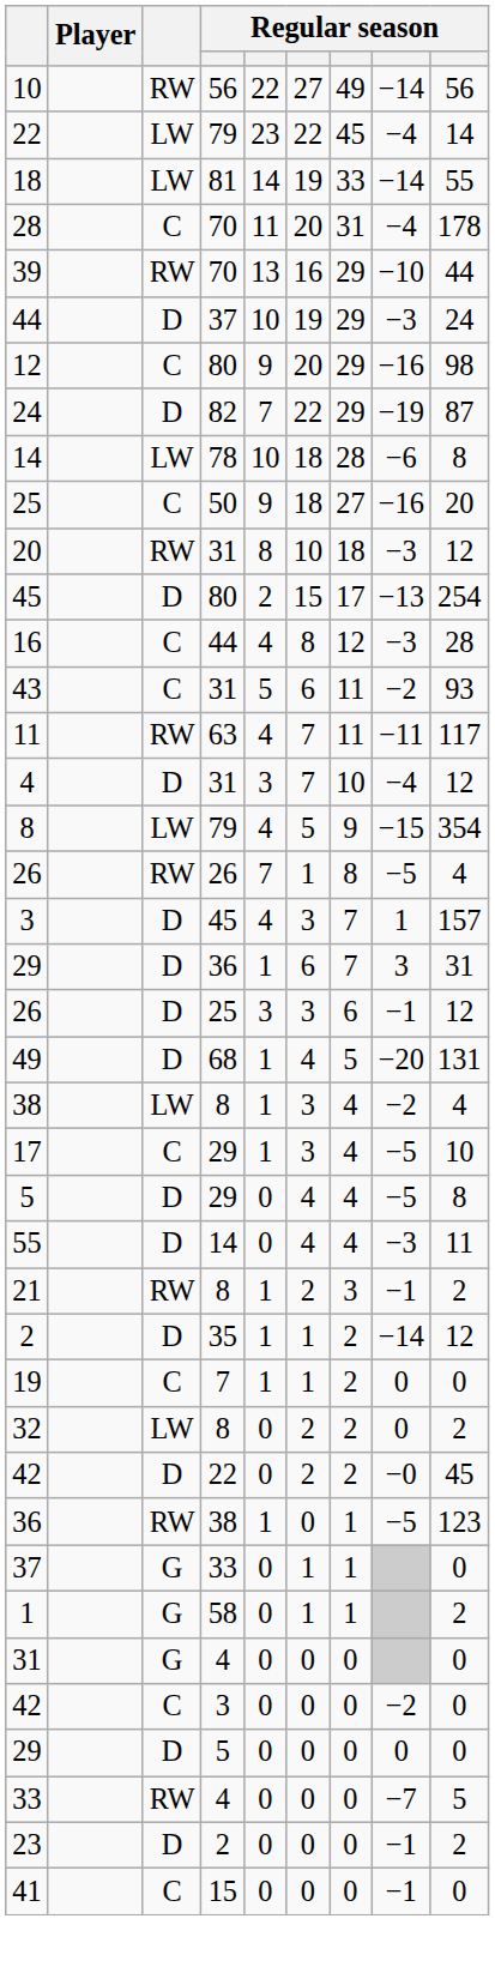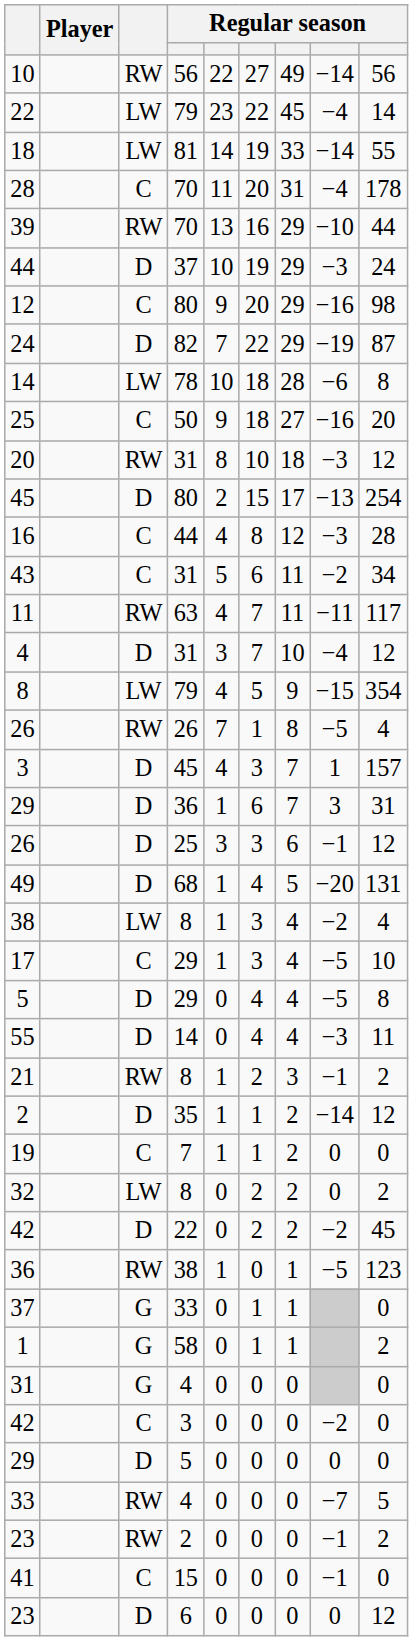 <table class="wikitable sortable plainrowheaders" style="text-align:center;">
 <tr>
 <th scope="col" data-sort-type="number" rowspan="2"></th>
 <th scope="col" rowspan="2">Player</th>
 <th scope="col" rowspan="2"></th>
 <th scope=colgroup colspan=6>Regular season</th>
 </tr>
 <tr>
 <th scope="col" data-sort-type="number"></th>
 <th scope="col" data-sort-type="number"></th>
 <th scope="col" data-sort-type="number"></th>
 <th scope="col" data-sort-type="number"></th>
 <th scope="col" data-sort-type="number"></th>
 <th scope="col" data-sort-type="number"></th>
 </tr>
 <tr>
 <td scope="row">10</td>
 <td align="left"></td>
 <td>RW</td>
 <td>56</td>
 <td>22</td>
 <td>27</td>
 <td>49</td>
 <td>−14</td>
 <td>56</td>
 </tr>
 <tr>
 <td scope="row">22</td>
 <td align="left"></td>
 <td>LW</td>
 <td>79</td>
 <td>23</td>
 <td>22</td>
 <td>45</td>
 <td>−4</td>
 <td>14</td>
 </tr>
 <tr>
 <td scope="row">18</td>
 <td align="left"></td>
 <td>LW</td>
 <td>81</td>
 <td>14</td>
 <td>19</td>
 <td>33</td>
 <td>−14</td>
 <td>55</td>
 </tr>
 <tr>
 <td scope="row">28</td>
 <td align="left"></td>
 <td>C</td>
 <td>70</td>
 <td>11</td>
 <td>20</td>
 <td>31</td>
 <td>−4</td>
 <td>178</td>
 </tr>
 <tr>
 <td scope="row">39</td>
 <td align="left"></td>
 <td>RW</td>
 <td>70</td>
 <td>13</td>
 <td>16</td>
 <td>29</td>
 <td>−10</td>
 <td>44</td>
 </tr>
 <tr>
 <td scope="row">44</td>
 <td align="left"></td>
 <td>D</td>
 <td>37</td>
 <td>10</td>
 <td>19</td>
 <td>29</td>
 <td>−3</td>
 <td>24</td>
 </tr>
 <tr>
 <td scope="row">12</td>
 <td align="left"></td>
 <td>C</td>
 <td>80</td>
 <td>9</td>
 <td>20</td>
 <td>29</td>
 <td>−16</td>
 <td>98</td>
 </tr>
 <tr>
 <td scope="row">24</td>
 <td align="left"></td>
 <td>D</td>
 <td>82</td>
 <td>7</td>
 <td>22</td>
 <td>29</td>
 <td>−19</td>
 <td>87</td>
 </tr>
 <tr>
 <td scope="row">14</td>
 <td align="left"></td>
 <td>LW</td>
 <td>78</td>
 <td>10</td>
 <td>18</td>
 <td>28</td>
 <td>−6</td>
 <td>8</td>
 </tr>
 <tr>
 <td scope="row">25</td>
 <td align="left"></td>
 <td>C</td>
 <td>50</td>
 <td>9</td>
 <td>18</td>
 <td>27</td>
 <td>−16</td>
 <td>20</td>
 </tr>
 <tr>
 <td scope="row">20</td>
 <td align="left"></td>
 <td>RW</td>
 <td>31</td>
 <td>8</td>
 <td>10</td>
 <td>18</td>
 <td>−3</td>
 <td>12</td>
 </tr>
 <tr>
 <td scope="row">45</td>
 <td align="left"></td>
 <td>D</td>
 <td>80</td>
 <td>2</td>
 <td>15</td>
 <td>17</td>
 <td>−13</td>
 <td>254</td>
 </tr>
 <tr>
 <td scope="row">16</td>
 <td align="left"></td>
 <td>C</td>
 <td>44</td>
 <td>4</td>
 <td>8</td>
 <td>12</td>
 <td>−3</td>
 <td>28</td>
 </tr>
 <tr>
 <td scope="row">43</td>
 <td align="left"></td>
 <td>C</td>
 <td>31</td>
 <td>5</td>
 <td>6</td>
 <td>11</td>
 <td>−2</td>
-<td>93</td>
+<td>34</td>
 </tr>
 <tr>
 <td scope="row">11</td>
 <td align="left"></td>
 <td>RW</td>
 <td>63</td>
 <td>4</td>
 <td>7</td>
 <td>11</td>
 <td>−11</td>
 <td>117</td>
 </tr>
 <tr>
 <td scope="row">4</td>
 <td align="left"></td>
 <td>D</td>
 <td>31</td>
 <td>3</td>
 <td>7</td>
 <td>10</td>
 <td>−4</td>
 <td>12</td>
 </tr>
 <tr>
 <td scope="row">8</td>
 <td align="left"></td>
 <td>LW</td>
 <td>79</td>
 <td>4</td>
 <td>5</td>
 <td>9</td>
 <td>−15</td>
 <td>354</td>
 </tr>
 <tr>
 <td scope="row">26</td>
 <td align="left"></td>
 <td>RW</td>
 <td>26</td>
 <td>7</td>
 <td>1</td>
 <td>8</td>
 <td>−5</td>
 <td>4</td>
 </tr>
 <tr>
 <td scope="row">3</td>
 <td align="left"></td>
 <td>D</td>
 <td>45</td>
 <td>4</td>
 <td>3</td>
 <td>7</td>
 <td>1</td>
 <td>157</td>
 </tr>
 <tr>
 <td scope="row">29</td>
 <td align="left"></td>
 <td>D</td>
 <td>36</td>
 <td>1</td>
 <td>6</td>
 <td>7</td>
 <td>3</td>
 <td>31</td>
 </tr>
 <tr>
 <td scope="row">26</td>
 <td align="left"></td>
 <td>D</td>
 <td>25</td>
 <td>3</td>
 <td>3</td>
 <td>6</td>
 <td>−1</td>
 <td>12</td>
 </tr>
 <tr>
 <td scope="row">49</td>
 <td align="left"></td>
 <td>D</td>
 <td>68</td>
 <td>1</td>
 <td>4</td>
 <td>5</td>
 <td>−20</td>
 <td>131</td>
 </tr>
 <tr>
 <td scope="row">38</td>
 <td align="left"></td>
 <td>LW</td>
 <td>8</td>
 <td>1</td>
 <td>3</td>
 <td>4</td>
 <td>−2</td>
 <td>4</td>
 </tr>
 <tr>
 <td scope="row">17</td>
 <td align="left"></td>
 <td>C</td>
 <td>29</td>
 <td>1</td>
 <td>3</td>
 <td>4</td>
 <td>−5</td>
 <td>10</td>
 </tr>
 <tr>
 <td scope="row">5</td>
 <td align="left"></td>
 <td>D</td>
 <td>29</td>
 <td>0</td>
 <td>4</td>
 <td>4</td>
 <td>−5</td>
 <td>8</td>
 </tr>
 <tr>
 <td scope="row">55</td>
 <td align="left"></td>
 <td>D</td>
 <td>14</td>
 <td>0</td>
 <td>4</td>
 <td>4</td>
 <td>−3</td>
 <td>11</td>
 </tr>
 <tr>
 <td scope="row">21</td>
 <td align="left"></td>
 <td>RW</td>
 <td>8</td>
 <td>1</td>
 <td>2</td>
 <td>3</td>
 <td>−1</td>
 <td>2</td>
 </tr>
 <tr>
 <td scope="row">2</td>
 <td align="left"></td>
 <td>D</td>
 <td>35</td>
 <td>1</td>
 <td>1</td>
 <td>2</td>
 <td>−14</td>
 <td>12</td>
 </tr>
 <tr>
 <td scope="row">19</td>
 <td align="left"></td>
 <td>C</td>
 <td>7</td>
 <td>1</td>
 <td>1</td>
 <td>2</td>
 <td>0</td>
 <td>0</td>
 </tr>
 <tr>
 <td scope="row">32</td>
 <td align="left"></td>
 <td>LW</td>
 <td>8</td>
 <td>0</td>
 <td>2</td>
 <td>2</td>
 <td>0</td>
 <td>2</td>
 </tr>
 <tr>
 <td scope="row">42</td>
 <td align="left"></td>
 <td>D</td>
 <td>22</td>
 <td>0</td>
 <td>2</td>
 <td>2</td>
-<td>−0</td>
+<td>−2</td>
 <td>45</td>
 </tr>
 <tr>
 <td scope="row">36</td>
 <td align="left"></td>
 <td>RW</td>
 <td>38</td>
 <td>1</td>
 <td>0</td>
 <td>1</td>
 <td>−5</td>
 <td>123</td>
 </tr>
 <tr>
 <td scope="row">37</td>
 <td align="left"></td>
 <td>G</td>
 <td>33</td>
 <td>0</td>
 <td>1</td>
 <td>1</td>
 <td style="background:#ccc"></td>
 <td>0</td>
 </tr>
 <tr>
 <td scope="row">1</td>
 <td align="left"></td>
 <td>G</td>
 <td>58</td>
 <td>0</td>
 <td>1</td>
 <td>1</td>
 <td style="background:#ccc"></td>
 <td>2</td>
 </tr>
 <tr>
 <td scope="row">31</td>
 <td align="left"></td>
 <td>G</td>
 <td>4</td>
 <td>0</td>
 <td>0</td>
 <td>0</td>
 <td style="background:#ccc"></td>
 <td>0</td>
 </tr>
 <tr>
 <td scope="row">42</td>
 <td align="left"></td>
 <td>C</td>
 <td>3</td>
 <td>0</td>
 <td>0</td>
 <td>0</td>
 <td>−2</td>
 <td>0</td>
 </tr>
 <tr>
 <td scope="row">29</td>
 <td align="left"></td>
 <td>D</td>
 <td>5</td>
 <td>0</td>
 <td>0</td>
 <td>0</td>
 <td>0</td>
 <td>0</td>
 </tr>
 <tr>
 <td scope="row">33</td>
 <td align="left"></td>
 <td>RW</td>
 <td>4</td>
 <td>0</td>
 <td>0</td>
 <td>0</td>
 <td>−7</td>
 <td>5</td>
 </tr>
 <tr>
 <td scope="row">23</td>
 <td align="left"></td>
-<td>D</td>
+<td>RW</td>
 <td>2</td>
 <td>0</td>
 <td>0</td>
 <td>0</td>
 <td>−1</td>
 <td>2</td>
 </tr>
 <tr>
 <td scope="row">41</td>
 <td align="left"></td>
 <td>C</td>
 <td>15</td>
 <td>0</td>
 <td>0</td>
 <td>0</td>
 <td>−1</td>
 <td>0</td>
 </tr>
+<tr>
+<td scope="row">23</td>
+<td align="left"></td>
+<td>D</td>
+<td>6</td>
+<td>0</td>
+<td>0</td>
+<td>0</td>
+<td>0</td>
+<td>12</td>
+</tr>
 </table>
